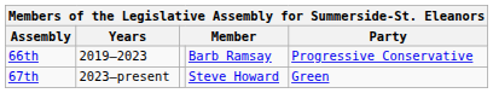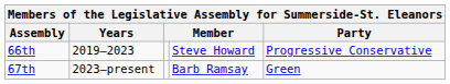 <table class="wikitable" align=centre>
 <tr>
 <th colspan=5>Members of the Legislative Assembly for Summerside-St. Eleanors</th>
 </tr>
 <tr>
 <th>Assembly</th>
 <th>Years</th>
 <th colspan="2">Member</th>
 <th>Party</th>
 </tr>
 <tr>
 <td><a href='#'>66th</a></td>
 <td>2019–2023</td>
 <td rowspan=1 ></td>
-<td><a href='#'>Barb Ramsay</a></td>
+<td rowspan=1><a href='#'>Steve Howard</a></td>
 <td><a href='#'>Progressive Conservative</a></td>
 </tr>
 <tr>
 <td><a href='#'>67th</a></td>
 <td>2023–present</td>
 <td></td>
-<td rowspan=1><a href='#'>Steve Howard</a></td>
+<td><a href='#'>Barb Ramsay</a></td>
 <td rowspan=1><a href='#'>Green</a></td>
 </tr>
 </table>
